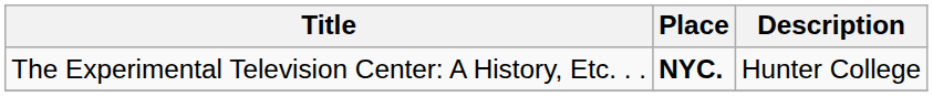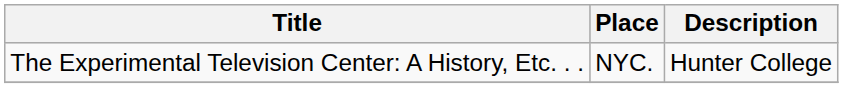 <table class="wikitable">
 <tr>
 <th>Title</th>
 <th>Place</th>
 <th>Description</th>
 </tr>
 <tr>
 <td>The Experimental Television Center: A History, Etc. . .</td>
-<td><strong>NYC.</strong></td>
+<td>NYC.</td>
 <td>Hunter College</td>
 </tr>
 <tr>
 </tr>
 </table>
